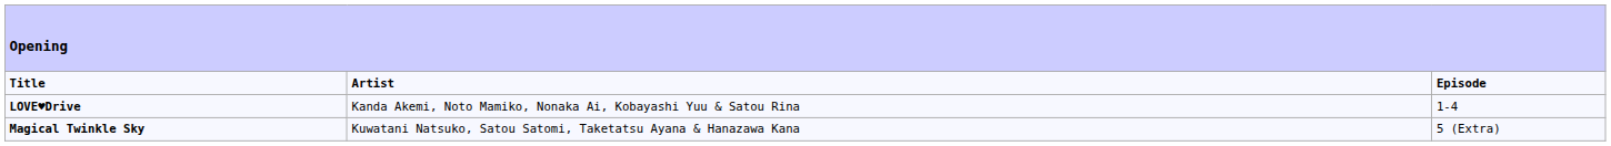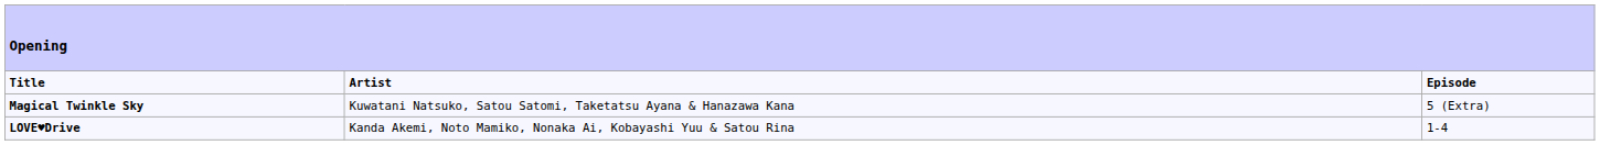 <table border="" cellpadding="4" cellspacing="0" width="100%" style="border: 1px #aaaaaa solid; border-collapse: collapse; padding: 0.2em; margin: 1em 1em 1em 0; background: #f7f8ff; font-size:0.9em">
 <tr valign="middle" bgcolor="#ccccff">
 <td colspan=3><br><h3>Opening</h3></td>
 </tr>
 <tr>
 <td><strong>Title</strong></td>
 <td><strong>Artist</strong></td>
 <td><strong>Episode</strong></td>
 </tr>
 <tr>
+<td><strong>Magical Twinkle Sky</strong></td>
+<td>Kuwatani Natsuko, Satou Satomi, Taketatsu Ayana & Hanazawa Kana</td>
+<td>5 (Extra)</td>
+</tr>
+<tr>
 <td><strong>LOVE♥Drive</strong></td>
 <td>Kanda Akemi, Noto Mamiko, Nonaka Ai, Kobayashi Yuu & Satou Rina</td>
 <td>1-4</td>
 </tr>
-<tr>
-<td><strong>Magical Twinkle Sky</strong></td>
-<td>Kuwatani Natsuko, Satou Satomi, Taketatsu Ayana & Hanazawa Kana</td>
-<td>5 (Extra)</td>
-</tr>
 </table>
